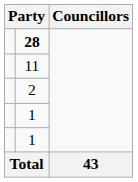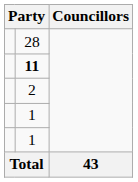 <table class="wikitable">
 <tr>
 <th colspan=2>Party</th>
 <th>Councillors</th>
 </tr>
 <tr>
 <td></td>
-<td align=center><strong>28</strong></td>
+<td align=center>28</td>
 </tr>
 <tr>
 <td></td>
-<td align=center>11</td>
+<td align=center><strong>11</strong></td>
 </tr>
 <tr>
 <td></td>
 <td align=center>2</td>
 </tr>
 <tr>
 <td></td>
 <td align=center>1</td>
 </tr>
 <tr>
 <td></td>
 <td align=center>1</td>
 </tr>
 <tr>
 <th colspan=2>Total</th>
 <th align=center>43</th>
 </tr>
 </table>
